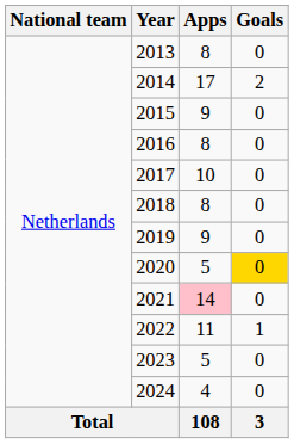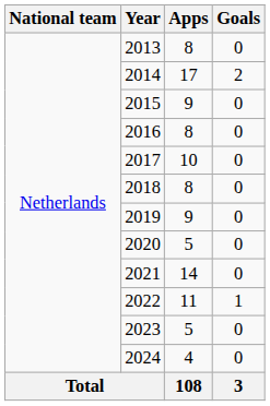 <table class="wikitable" style="text-align: center;">
 <tr>
 <th>National team</th>
 <th>Year</th>
 <th>Apps</th>
 <th>Goals</th>
 </tr>
 <tr>
 <td rowspan="12"><a href='#'>Netherlands</a></td>
 <td>2013</td>
 <td>8</td>
 <td>0</td>
 </tr>
 <tr>
 <td>2014</td>
 <td>17</td>
 <td>2</td>
 </tr>
 <tr>
 <td>2015</td>
 <td>9</td>
 <td>0</td>
 </tr>
 <tr>
 <td>2016</td>
 <td>8</td>
 <td>0</td>
 </tr>
 <tr>
 <td>2017</td>
 <td>10</td>
 <td>0</td>
 </tr>
 <tr>
 <td>2018</td>
 <td>8</td>
 <td>0</td>
 </tr>
 <tr>
 <td>2019</td>
 <td>9</td>
 <td>0</td>
 </tr>
 <tr>
 <td>2020</td>
 <td>5</td>
-<td style="background: gold;">0</td>
+<td>0</td>
 </tr>
 <tr>
 <td>2021</td>
-<td style="background: pink;">14</td>
+<td>14</td>
 <td>0</td>
 </tr>
 <tr>
 <td>2022</td>
 <td>11</td>
 <td>1</td>
 </tr>
 <tr>
 <td>2023</td>
 <td>5</td>
 <td>0</td>
 </tr>
 <tr>
 <td>2024</td>
 <td>4</td>
 <td>0</td>
 </tr>
 <tr>
 <th colspan="2">Total</th>
 <th>108</th>
 <th>3</th>
 </tr>
 </table>
